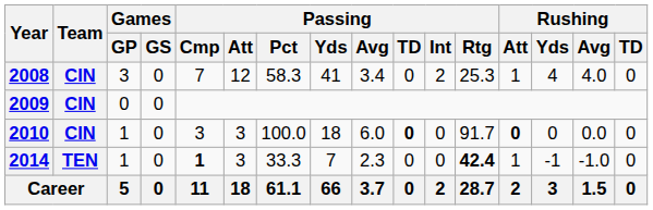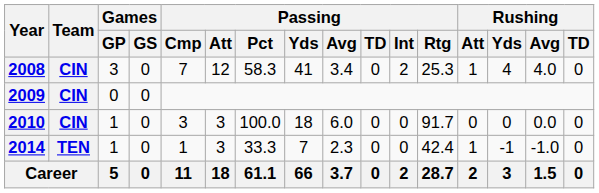 <table class="wikitable" style="text-align:center;">
 <tr>
 <th rowspan="2">Year</th>
 <th rowspan="2">Team</th>
 <th colspan="2">Games</th>
 <th colspan="8">Passing</th>
 <th colspan="4">Rushing</th>
 </tr>
 <tr>
 <th>GP</th>
 <th>GS</th>
 <th>Cmp</th>
 <th>Att</th>
 <th>Pct</th>
 <th>Yds</th>
 <th>Avg</th>
 <th>TD</th>
 <th>Int</th>
 <th>Rtg</th>
 <th>Att</th>
 <th>Yds</th>
 <th>Avg</th>
 <th>TD</th>
 </tr>
 <tr>
 <th><a href='#'>2008</a></th>
 <th><a href='#'>CIN</a></th>
 <td>3</td>
 <td>0</td>
 <td>7</td>
 <td>12</td>
 <td>58.3</td>
 <td>41</td>
 <td>3.4</td>
 <td>0</td>
 <td>2</td>
 <td>25.3</td>
 <td>1</td>
 <td>4</td>
 <td>4.0</td>
 <td>0</td>
 </tr>
 <tr>
 <th><a href='#'>2009</a></th>
 <th><a href='#'>CIN</a></th>
 <td>0</td>
 <td>0</td>
 <td colspan="12"></td>
 </tr>
 <tr>
 <th><a href='#'>2010</a></th>
 <th><a href='#'>CIN</a></th>
 <td>1</td>
 <td>0</td>
 <td>3</td>
 <td>3</td>
 <td>100.0</td>
 <td>18</td>
 <td>6.0</td>
-<td><strong>0</strong></td>
+<td>0</td>
 <td>0</td>
 <td>91.7</td>
-<td><strong>0</strong></td>
+<td>0</td>
 <td>0</td>
 <td>0.0</td>
 <td>0</td>
 </tr>
 <tr>
 <th><a href='#'>2014</a></th>
 <th><a href='#'>TEN</a></th>
 <td>1</td>
 <td>0</td>
-<td><strong>1</strong></td>
+<td>1</td>
 <td>3</td>
 <td>33.3</td>
 <td>7</td>
 <td>2.3</td>
 <td>0</td>
 <td>0</td>
-<td><strong>42.4</strong></td>
+<td>42.4</td>
 <td>1</td>
 <td>-1</td>
 <td>-1.0</td>
 <td>0</td>
 </tr>
 <tr>
 <th colspan="2">Career</th>
 <th>5</th>
 <th>0</th>
 <th>11</th>
 <th>18</th>
 <th>61.1</th>
 <th>66</th>
 <th>3.7</th>
 <th>0</th>
 <th>2</th>
 <th>28.7</th>
 <th>2</th>
 <th>3</th>
 <th>1.5</th>
 <th>0</th>
 </tr>
 </table>
